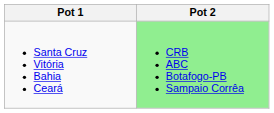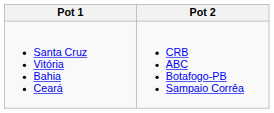 <table class="wikitable">
 <tr>
 <th width=190>Pot 1</th>
 <th width=190>Pot 2</th>
 </tr>
 <tr>
 <td><br><ul><li> <a href='#'>Santa Cruz</a></li><li> <a href='#'>Vitória</a></li><li> <a href='#'>Bahia</a></li><li> <a href='#'>Ceará</a></li></ul></td>
-<td style="background: lightgreen;"><br><ul><li> <a href='#'>CRB</a></li><li> <a href='#'>ABC</a></li><li> <a href='#'>Botafogo-PB</a></li><li> <a href='#'>Sampaio Corrêa</a></li></ul></td>
+<td><br><ul><li> <a href='#'>CRB</a></li><li> <a href='#'>ABC</a></li><li> <a href='#'>Botafogo-PB</a></li><li> <a href='#'>Sampaio Corrêa</a></li></ul></td>
 </tr>
 </table>
